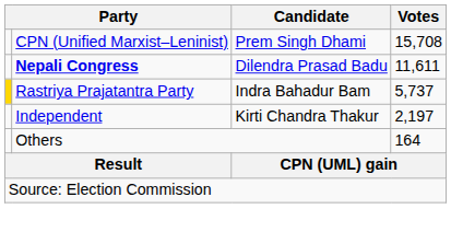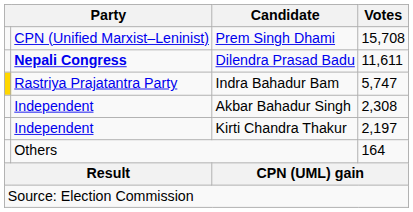 <table class="wikitable">
 <tr>
 <th colspan="2">Party</th>
 <th>Candidate</th>
 <th>Votes</th>
 </tr>
 <tr>
 <td style="background-color:"></td>
 <td><a href='#'>CPN (Unified Marxist–Leninist)</a></td>
 <td><a href='#'>Prem Singh Dhami</a></td>
 <td>15,708</td>
 </tr>
 <tr>
 <td style="background-color:"></td>
 <td><strong><a href='#'>Nepali Congress</a></strong></td>
 <td><a href='#'>Dilendra Prasad Badu</a></td>
 <td>11,611</td>
 </tr>
 <tr>
 <td style="background-color:gold"></td>
 <td><a href='#'>Rastriya Prajatantra Party</a></td>
 <td>Indra Bahadur Bam</td>
-<td>5,737</td>
+<td>5,747</td>
+</tr>
+<tr>
+<td style="background-color:"></td>
+<td><a href='#'>Independent</a></td>
+<td>Akbar Bahadur Singh</td>
+<td>2,308</td>
 </tr>
 <tr>
 <td style="background-color:"></td>
 <td><a href='#'>Independent</a></td>
 <td>Kirti Chandra Thakur</td>
 <td>2,197</td>
 </tr>
 <tr>
 <td></td>
 <td colspan="2">Others</td>
 <td>164</td>
 </tr>
 <tr>
 <th colspan="2">Result</th>
 <th colspan="2">CPN (UML) gain</th>
 </tr>
 <tr>
 <td colspan="4">Source: Election Commission</td>
 </tr>
 </table>
